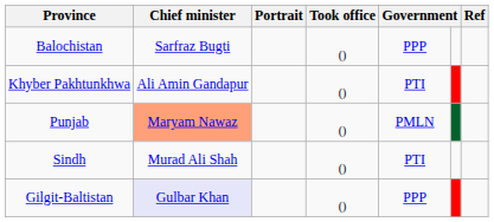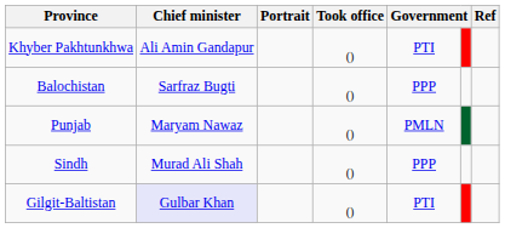 <table class="wikitable sortable" style="text-align:center">
 <tr>
 <th scope=col>Province</th>
 <th scope=col>Chief minister</th>
 <th scope=col>Portrait</th>
 <th scope=col>Took office<br></th>
 <th scope=col colspan=2>Government</th>
 <th scope=col class=unsortable>Ref</th>
+</tr>
+<tr>
+<td><a href='#'>Khyber Pakhtunkhwa</a><br></td>
+<td><a href='#'>Ali Amin Gandapur</a></td>
+<td></td>
+<td><br><small>()</small></td>
+<td><a href='#'>PTI</a></td>
+<td width="4px" bgcolor="FF0000"></td>
+<td></td>
 </tr>
 <tr>
 <td><a href='#'>Balochistan</a><br></td>
 <td><a href='#'>Sarfraz Bugti</a></td>
 <td></td>
 <td><br><small>()</small></td>
 <td><a href='#'>PPP</a></td>
 <td width="4px"></td>
 <td></td>
 </tr>
 <tr>
-<td><a href='#'>Khyber Pakhtunkhwa</a><br></td>
-<td><a href='#'>Ali Amin Gandapur</a></td>
-<td></td>
-<td><br><small>()</small></td>
-<td><a href='#'>PTI</a></td>
-<td width="4px" bgcolor="FF0000"></td>
-<td></td>
-</tr>
-<tr>
 <td><a href='#'>Punjab</a><br></td>
-<td style="background: lightsalmon;"><a href='#'>Maryam Nawaz</a></td>
+<td><a href='#'>Maryam Nawaz</a></td>
 <td></td>
 <td><br><small>()</small></td>
 <td><a href='#'>PMLN</a></td>
 <td width="4px" bgcolor="#00622D"></td>
 <td></td>
 </tr>
 <tr>
 <td><a href='#'>Sindh</a><br></td>
 <td><a href='#'>Murad Ali Shah</a></td>
 <td></td>
 <td><br><small>()</small></td>
-<td><a href='#'>PTI</a></td>
+<td><a href='#'>PPP</a></td>
 <td width="4px"></td>
 <td></td>
 </tr>
 <tr>
 <td><a href='#'>Gilgit-Baltistan</a><br></td>
 <td style="background: lavender;"><a href='#'>Gulbar Khan</a></td>
 <td></td>
 <td><br><small>()</small></td>
-<td><a href='#'>PPP</a></td>
+<td><a href='#'>PTI</a></td>
 <td width="4px" bgcolor="FF000"></td>
 <td></td>
 </tr>
 </table>
